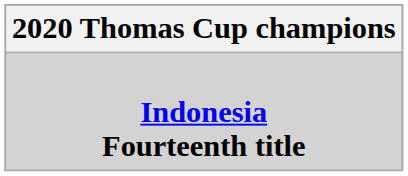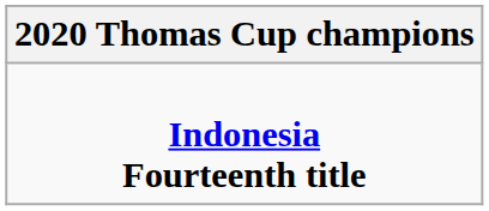 <table class="wikitable" style="text-align:center; margin:auto">
 <tr>
 <th>2020 Thomas Cup champions</th>
 </tr>
 <tr>
-<td style="background: lightgrey;"><br><strong><a href='#'>Indonesia</a></strong>  <br> <strong>Fourteenth title</strong></td>
+<td><br><strong><a href='#'>Indonesia</a></strong>  <br> <strong>Fourteenth title</strong></td>
 </tr>
 </table>
